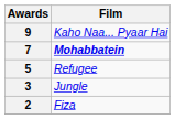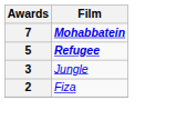 <table class="wikitable" style="display:inline-table;">
 <tr>
 <th>Awards</th>
 <th>Film</th>
-</tr>
-<tr>
-<th>9</th>
-<td><em><a href='#'>Kaho Naa... Pyaar Hai</a></em></td>
 </tr>
 <tr>
 <th>7</th>
 <td><strong><em><a href='#'>Mohabbatein</a></em></strong></td>
 </tr>
 <tr>
 <th>5</th>
-<td><em><a href='#'>Refugee</a></em></td>
+<td><strong><em><a href='#'>Refugee</a></em></strong></td>
 </tr>
 <tr>
 <th>3</th>
 <td><em><a href='#'>Jungle</a></em></td>
 </tr>
 <tr>
 <th>2</th>
 <td><em><a href='#'>Fiza</a></em></td>
 </tr>
 <tr>
 </tr>
 </table>
